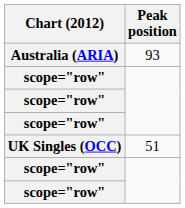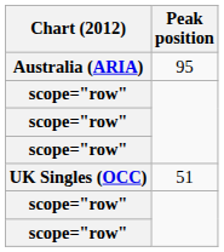 <table class="wikitable sortable plainrowheaders" style="text-align:center">
 <tr>
 <th scope="col">Chart (2012)</th>
 <th scope="col">Peak<br>position</th>
 </tr>
 <tr>
 <th scope="row">Australia (<a href='#'>ARIA</a>)</th>
-<td>93</td>
+<td>95</td>
 </tr>
 <tr>
 <th>scope="row"</th>
 </tr>
 <tr>
 <th>scope="row"</th>
 </tr>
 <tr>
 <th>scope="row"</th>
 </tr>
 <tr>
 <th scope="row">UK Singles (<a href='#'>OCC</a>)</th>
 <td>51</td>
 </tr>
 <tr>
 <th>scope="row"</th>
 </tr>
 <tr>
 <th>scope="row"</th>
 </tr>
 </table>
